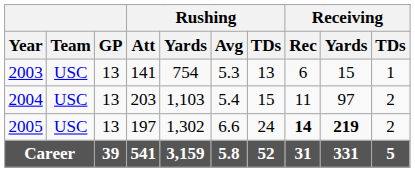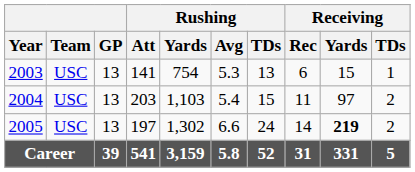 <table class="wikitable" style="text-align:center;">
 <tr>
 <th colspan=3></th>
 <th colspan=4>Rushing</th>
 <th colspan=3>Receiving</th>
 </tr>
 <tr>
 <th>Year</th>
 <th>Team</th>
 <th>GP</th>
 <th>Att</th>
 <th>Yards</th>
 <th>Avg</th>
 <th>TDs</th>
 <th>Rec</th>
 <th>Yards</th>
 <th>TDs</th>
 </tr>
 <tr>
 <td><a href='#'>2003</a></td>
 <td><a href='#'>USC</a></td>
 <td>13</td>
 <td>141</td>
 <td>754</td>
 <td>5.3</td>
 <td>13</td>
 <td>6</td>
 <td>15</td>
 <td>1</td>
 </tr>
 <tr>
 <td><a href='#'>2004</a></td>
 <td><a href='#'>USC</a></td>
 <td>13</td>
 <td>203</td>
 <td>1,103</td>
 <td>5.4</td>
 <td>15</td>
 <td>11</td>
 <td>97</td>
 <td>2</td>
 </tr>
 <tr>
 <td><a href='#'>2005</a></td>
 <td><a href='#'>USC</a></td>
 <td>13</td>
 <td>197</td>
 <td>1,302</td>
 <td>6.6</td>
 <td>24</td>
-<td><strong>14</strong></td>
+<td>14</td>
 <td><strong>219</strong></td>
 <td>2</td>
 </tr>
 <tr style="background:#555; font-weight:bold; color:white;">
 <td colspan=2>Career</td>
 <td>39</td>
 <td>541</td>
 <td>3,159</td>
 <td>5.8</td>
 <td>52</td>
 <td>31</td>
 <td>331</td>
 <td>5</td>
 </tr>
 </table>
